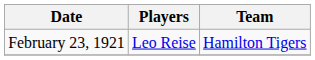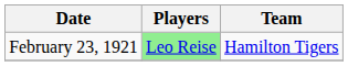 <table class="wikitable">
 <tr>
 <th>Date</th>
 <th>Players</th>
 <th>Team</th>
 </tr>
 <tr>
 <td>February 23, 1921</td>
-<td><a href='#'>Leo Reise</a></td>
+<td style="background: lightgreen;"><a href='#'>Leo Reise</a></td>
 <td><a href='#'>Hamilton Tigers</a></td>
 </tr>
 <tr>
 </tr>
 </table>
